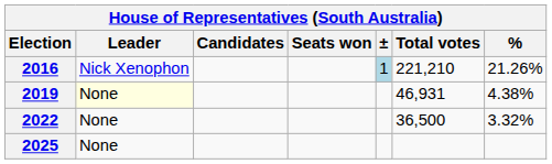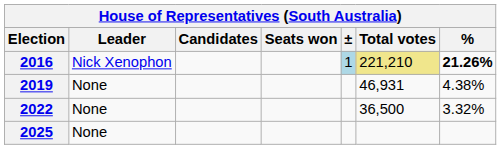 <table class="wikitable sortable">
 <tr>
 <th colspan="7"><a href='#'>House of Representatives</a> (<a href='#'>South Australia</a>)</th>
 </tr>
 <tr>
 <th>Election</th>
 <th>Leader</th>
 <th>Candidates</th>
 <th>Seats won</th>
 <th>±</th>
 <th>Total votes</th>
 <th>%</th>
 </tr>
 <tr>
 <th><a href='#'>2016</a></th>
 <td><a href='#'>Nick Xenophon</a></td>
 <td></td>
 <td></td>
 <td style="background: lightblue;"> 1</td>
-<td>221,210</td>
-<td>21.26%</td>
+<td style="background: khaki;">221,210</td>
+<td><strong>21.26%</strong></td>
 </tr>
 <tr>
 <th><a href='#'>2019</a></th>
-<td style="background: lightyellow;">None</td>
+<td>None</td>
 <td></td>
 <td></td>
 <td></td>
 <td>46,931</td>
 <td>4.38%</td>
 </tr>
 <tr>
 <th><a href='#'>2022</a></th>
 <td>None</td>
 <td></td>
 <td></td>
 <td></td>
 <td>36,500</td>
 <td>3.32%</td>
 </tr>
 <tr>
 <th><a href='#'>2025</a></th>
 <td>None</td>
 <td></td>
 <td></td>
 <td></td>
 <td></td>
 <td></td>
 </tr>
 </table>
